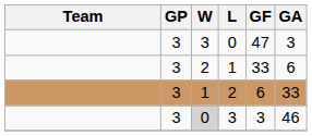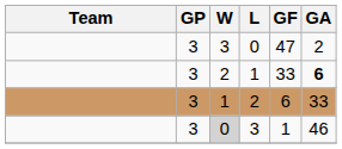 <table class="wikitable" style="text-align:center">
 <tr>
 <th width="150">Team</th>
 <th width="20">GP</th>
 <th width="20">W</th>
 <th width="20">L</th>
 <th width="20">GF</th>
 <th width="20">GA</th>
 </tr>
 <tr>
 <td align=left></td>
 <td>3</td>
 <td>3</td>
 <td>0</td>
 <td>47</td>
-<td>3</td>
+<td>2</td>
 </tr>
 <tr>
 <td align=left></td>
 <td>3</td>
 <td>2</td>
 <td>1</td>
 <td>33</td>
-<td>6</td>
+<td><strong>6</strong></td>
 </tr>
 <tr bgcolor="#cc9966">
 <td align=left> </td>
 <td>3</td>
 <td>1</td>
 <td>2</td>
 <td>6</td>
 <td>33</td>
 </tr>
 <tr>
 <td align=left></td>
 <td>3</td>
 <td style="background: lightgrey;">0</td>
 <td>3</td>
-<td>3</td>
+<td>1</td>
 <td>46</td>
 </tr>
 <tr>
 </tr>
 </table>
